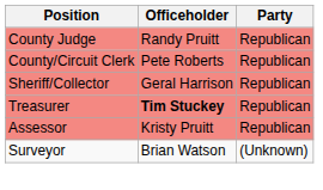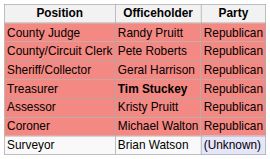 <table class="wikitable">
 <tr>
 <th>Position</th>
 <th>Officeholder</th>
 <th>Party</th>
 </tr>
 <tr style="background-color:#F48882;">
 <td>County Judge</td>
 <td>Randy Pruitt</td>
 <td>Republican</td>
 </tr>
 <tr style="background-color:#F48882;">
 <td>County/Circuit Clerk</td>
 <td>Pete Roberts</td>
 <td>Republican</td>
 </tr>
 <tr style="background-color:#F48882;">
 <td>Sheriff/Collector</td>
 <td>Geral Harrison</td>
 <td>Republican</td>
 </tr>
 <tr style="background-color:#F48882;">
 <td>Treasurer</td>
 <td><strong>Tim Stuckey</strong></td>
 <td>Republican</td>
 </tr>
 <tr style="background-color:#F48882;">
 <td>Assessor</td>
 <td>Kristy Pruitt</td>
 <td>Republican</td>
 </tr>
+<tr style="background-color:#F48882;">
+<td>Coroner</td>
+<td>Michael Walton</td>
+<td>Republican</td>
+</tr>
 <tr>
 <td>Surveyor</td>
 <td>Brian Watson</td>
-<td>(Unknown)</td>
+<td style="background: lavender;">(Unknown)</td>
 </tr>
 </table>
